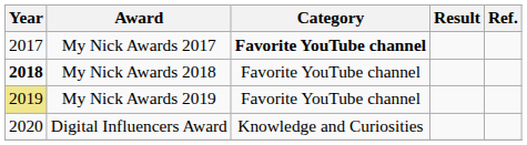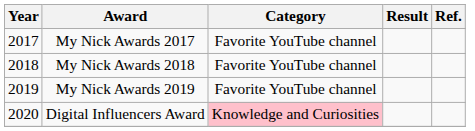 <table class="wikitable plainrowheaders sortable" style="text-align:center;">
 <tr>
 <th scope="col">Year</th>
 <th scope="col">Award</th>
 <th scope="col">Category</th>
 <th scope="col">Result</th>
 <th scope="col">Ref.</th>
 </tr>
 <tr>
 <td>2017</td>
 <td>My Nick Awards 2017</td>
-<td><strong>Favorite YouTube channel</strong></td>
+<td>Favorite YouTube channel</td>
 <td></td>
 <td></td>
 </tr>
 <tr>
-<td><strong>2018</strong></td>
+<td>2018</td>
 <td>My Nick Awards 2018</td>
 <td>Favorite YouTube channel</td>
 <td></td>
 <td></td>
 </tr>
 <tr>
-<td style="background: khaki;">2019</td>
+<td>2019</td>
 <td>My Nick Awards 2019</td>
 <td>Favorite YouTube channel</td>
 <td></td>
 <td></td>
 </tr>
 <tr>
 <td>2020</td>
 <td>Digital Influencers Award</td>
-<td>Knowledge and Curiosities</td>
+<td style="background: pink;">Knowledge and Curiosities</td>
 <td></td>
 <td> </td>
 </tr>
 <tr>
 </tr>
 </table>
